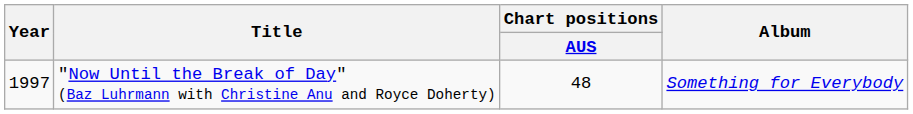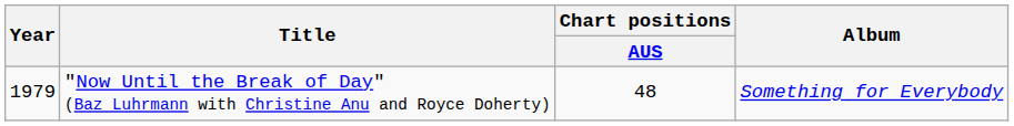 <table class="wikitable">
 <tr>
 <th rowspan="2">Year</th>
 <th rowspan="2">Title</th>
 <th>Chart positions</th>
 <th rowspan="2">Album</th>
 </tr>
 <tr>
 <th scope="col" style="text-align:center;"><a href='#'>AUS</a><br></th>
 </tr>
 <tr>
-<td>1997</td>
+<td>1979</td>
 <td align="left">"<a href='#'>Now Until the Break of Day</a>"<br><small>(<a href='#'>Baz Luhrmann</a> with <a href='#'>Christine Anu</a> and Royce Doherty)</small></td>
 <td style="text-align:center;">48</td>
 <td><em><a href='#'>Something for Everybody</a></em></td>
 </tr>
 </table>
